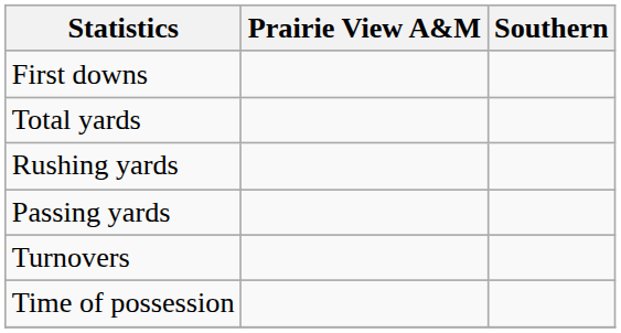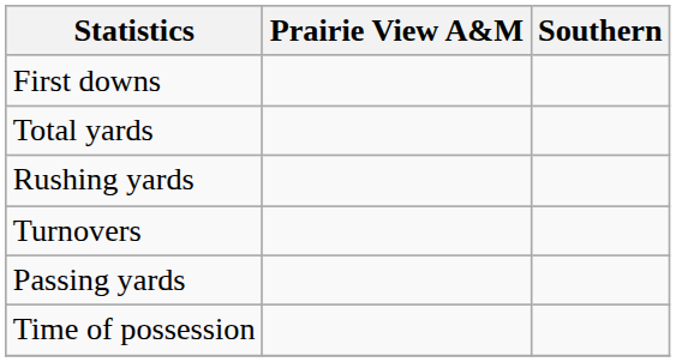 <table class="wikitable">
 <tr>
 <th>Statistics</th>
 <th>Prairie View A&M</th>
 <th>Southern</th>
 </tr>
 <tr>
 <td>First downs</td>
 <td> </td>
 <td> </td>
 </tr>
 <tr>
 <td>Total yards</td>
 <td> </td>
 <td> </td>
 </tr>
 <tr>
 <td>Rushing yards</td>
 <td> </td>
 <td> </td>
 </tr>
 <tr>
-<td>Passing yards</td>
+<td>Turnovers</td>
 <td> </td>
 <td> </td>
 </tr>
 <tr>
-<td>Turnovers</td>
+<td>Passing yards</td>
 <td> </td>
 <td> </td>
 </tr>
 <tr>
 <td>Time of possession</td>
 <td> </td>
 <td> </td>
 </tr>
 <tr>
 </tr>
 </table>
